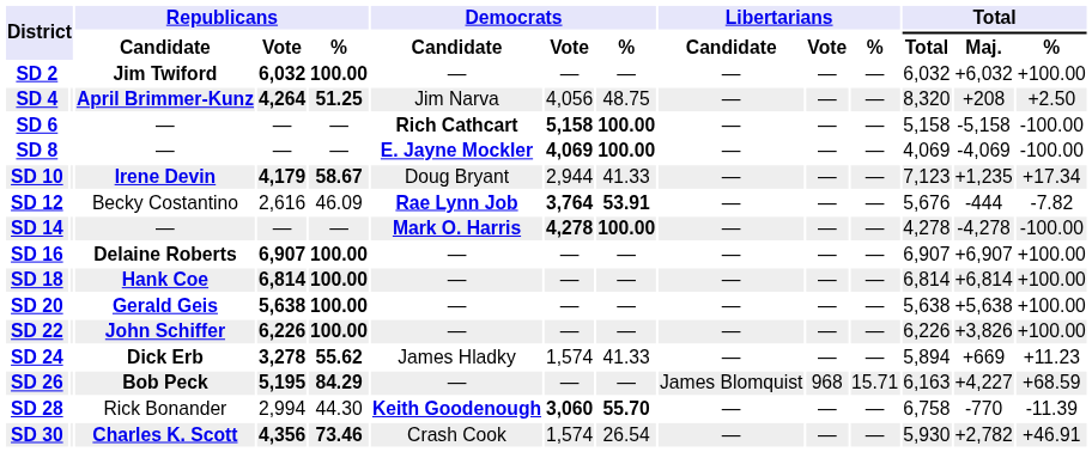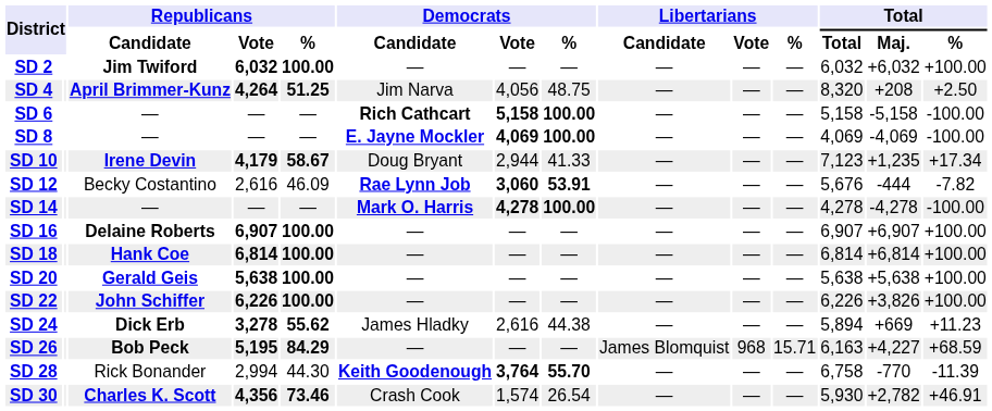 <table class="toccolours sortable" style="text-align:center;">
 <tr style="background:lavender">
 <th rowspan="3" colspan="2">District</th>
 <th colspan=3><a href='#'>Republicans</a></th>
 <th colspan=3><a href='#'>Democrats</a></th>
 <th colspan=3><a href='#'>Libertarians</a></th>
 <th colspan=3>Total</th>
 </tr>
 <tr>
 <th colspan=3 style="background-color:"></th>
 <th colspan=3 style="background-color:"></th>
 <th colspan=3 style="background-color:"></th>
 <th colspan=3 style="background-color:#000000"></th>
 </tr>
 <tr>
 <th align="center">Candidate</th>
 <th align="center">Vote</th>
 <th align="center">%</th>
 <th align="center">Candidate</th>
 <th align="center">Vote</th>
 <th align="center">%</th>
 <th align="center">Candidate</th>
 <th align="center">Vote</th>
 <th align="center">%</th>
 <th align="center">Total</th>
 <th align="center">Maj.</th>
 <th align="center">%</th>
 </tr>
 <tr>
 <th><a href='#'>SD 2</a></th>
 <td style="background-color:"></td>
 <td><strong>Jim Twiford</strong></td>
 <td><strong>6,032</strong></td>
 <td><strong>100.00</strong></td>
 <td>—</td>
 <td>—</td>
 <td>—</td>
 <td>—</td>
 <td>—</td>
 <td>—</td>
 <td>6,032</td>
 <td>+6,032</td>
 <td>+100.00</td>
 </tr>
 <tr style="background:#EEEEEE;">
 <th><a href='#'>SD 4</a></th>
 <td style="background-color:"></td>
 <td><strong><a href='#'>April Brimmer-Kunz</a></strong></td>
 <td><strong>4,264</strong></td>
 <td><strong>51.25</strong></td>
 <td>Jim Narva</td>
 <td>4,056</td>
 <td>48.75</td>
 <td>—</td>
 <td>—</td>
 <td>—</td>
 <td>8,320</td>
 <td>+208</td>
 <td>+2.50</td>
 </tr>
 <tr>
 <th><a href='#'>SD 6</a></th>
 <td style="background-color:"></td>
 <td>—</td>
 <td>—</td>
 <td>—</td>
 <td><strong>Rich Cathcart</strong></td>
 <td><strong>5,158</strong></td>
 <td><strong>100.00</strong></td>
 <td>—</td>
 <td>—</td>
 <td>—</td>
 <td>5,158</td>
 <td>-5,158</td>
 <td>-100.00</td>
 </tr>
 <tr>
 <th><a href='#'>SD 8</a></th>
 <td style="background-color:"></td>
 <td>—</td>
 <td>—</td>
 <td>—</td>
 <td><strong><a href='#'>E. Jayne Mockler</a></strong></td>
 <td><strong>4,069</strong></td>
 <td><strong>100.00</strong></td>
 <td>—</td>
 <td>—</td>
 <td>—</td>
 <td>4,069</td>
 <td>-4,069</td>
 <td>-100.00</td>
 </tr>
 <tr style="background:#EEEEEE;">
 <th><a href='#'>SD 10</a></th>
 <td style="background-color:"></td>
 <td><strong><a href='#'>Irene Devin</a></strong></td>
 <td><strong>4,179</strong></td>
 <td><strong>58.67</strong></td>
 <td>Doug Bryant</td>
 <td>2,944</td>
 <td>41.33</td>
 <td>—</td>
 <td>—</td>
 <td>—</td>
 <td>7,123</td>
 <td>+1,235</td>
 <td>+17.34</td>
 </tr>
 <tr>
 <th><a href='#'>SD 12</a></th>
 <td style="background-color:"></td>
 <td>Becky Costantino</td>
 <td>2,616</td>
 <td>46.09</td>
 <td><strong><a href='#'>Rae Lynn Job</a></strong></td>
-<td><strong>3,764</strong></td>
+<td><strong>3,060</strong></td>
 <td><strong>53.91</strong></td>
 <td>—</td>
 <td>—</td>
 <td>—</td>
 <td>5,676</td>
 <td>-444</td>
 <td>-7.82</td>
 </tr>
 <tr style="background:#EEEEEE;">
 <th><a href='#'>SD 14</a></th>
 <td style="background-color:"></td>
 <td>—</td>
 <td>—</td>
 <td>—</td>
 <td><strong><a href='#'>Mark O. Harris</a></strong></td>
 <td><strong>4,278</strong></td>
 <td><strong>100.00</strong></td>
 <td>—</td>
 <td>—</td>
 <td>—</td>
 <td>4,278</td>
 <td>-4,278</td>
 <td>-100.00</td>
 </tr>
 <tr>
 <th><a href='#'>SD 16</a></th>
 <td style="background-color:"></td>
 <td><strong>Delaine Roberts</strong></td>
 <td><strong>6,907</strong></td>
 <td><strong>100.00</strong></td>
 <td>—</td>
 <td>—</td>
 <td>—</td>
 <td>—</td>
 <td>—</td>
 <td>—</td>
 <td>6,907</td>
 <td>+6,907</td>
 <td>+100.00</td>
 </tr>
 <tr style="background:#EEEEEE;">
 <th><a href='#'>SD 18</a></th>
 <td style="background-color:"></td>
 <td><strong><a href='#'>Hank Coe</a></strong></td>
 <td><strong>6,814</strong></td>
 <td><strong>100.00</strong></td>
 <td>—</td>
 <td>—</td>
 <td>—</td>
 <td>—</td>
 <td>—</td>
 <td>—</td>
 <td>6,814</td>
 <td>+6,814</td>
 <td>+100.00</td>
 </tr>
 <tr>
 <th><a href='#'>SD 20</a></th>
 <td style="background-color:"></td>
 <td><strong><a href='#'>Gerald Geis</a></strong></td>
 <td><strong>5,638</strong></td>
 <td><strong>100.00</strong></td>
 <td>—</td>
 <td>—</td>
 <td>—</td>
 <td>—</td>
 <td>—</td>
 <td>—</td>
 <td>5,638</td>
 <td>+5,638</td>
 <td>+100.00</td>
 </tr>
 <tr style="background:#EEEEEE;">
 <th><a href='#'>SD 22</a></th>
 <td style="background-color:"></td>
 <td><strong><a href='#'>John Schiffer</a></strong></td>
 <td><strong>6,226</strong></td>
 <td><strong>100.00</strong></td>
 <td>—</td>
 <td>—</td>
 <td>—</td>
 <td>—</td>
 <td>—</td>
 <td>—</td>
 <td>6,226</td>
 <td>+3,826</td>
 <td>+100.00</td>
 </tr>
 <tr>
 <th><a href='#'>SD 24</a></th>
 <td style="background-color:"></td>
 <td><strong>Dick Erb</strong></td>
 <td><strong>3,278</strong></td>
 <td><strong>55.62</strong></td>
 <td>James Hladky</td>
-<td>1,574</td>
-<td>41.33</td>
+<td>2,616</td>
+<td>44.38</td>
 <td>—</td>
 <td>—</td>
 <td>—</td>
 <td>5,894</td>
 <td>+669</td>
 <td>+11.23</td>
 </tr>
 <tr style="background:#EEEEEE;">
 <th><a href='#'>SD 26</a></th>
 <td style="background-color:"></td>
 <td><strong>Bob Peck</strong></td>
 <td><strong>5,195</strong></td>
 <td><strong>84.29</strong></td>
 <td>—</td>
 <td>—</td>
 <td>—</td>
 <td>James Blomquist</td>
 <td>968</td>
 <td>15.71</td>
 <td>6,163</td>
 <td>+4,227</td>
 <td>+68.59</td>
 </tr>
 <tr>
 <th><a href='#'>SD 28</a></th>
 <td style="background-color:"></td>
 <td>Rick Bonander</td>
 <td>2,994</td>
 <td>44.30</td>
 <td><strong><a href='#'>Keith Goodenough</a></strong></td>
-<td><strong>3,060</strong></td>
+<td><strong>3,764</strong></td>
 <td><strong>55.70</strong></td>
 <td>—</td>
 <td>—</td>
 <td>—</td>
 <td>6,758</td>
 <td>-770</td>
 <td>-11.39</td>
 </tr>
 <tr style="background:#EEEEEE;">
 <th><a href='#'>SD 30</a></th>
 <td style="background-color:"></td>
 <td><strong><a href='#'>Charles K. Scott</a></strong></td>
 <td><strong>4,356</strong></td>
 <td><strong>73.46</strong></td>
 <td>Crash Cook</td>
 <td>1,574</td>
 <td>26.54</td>
 <td>—</td>
 <td>—</td>
 <td>—</td>
 <td>5,930</td>
 <td>+2,782</td>
 <td>+46.91</td>
 </tr>
 <tr>
 </tr>
 </table>
